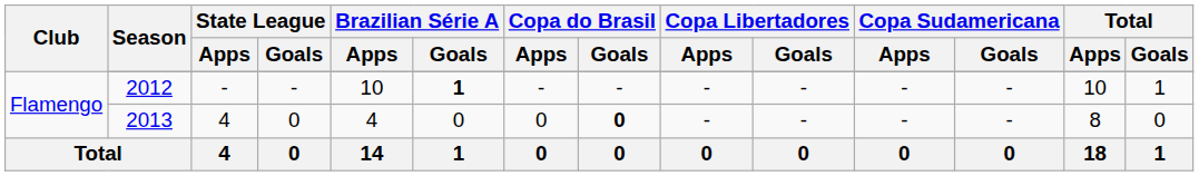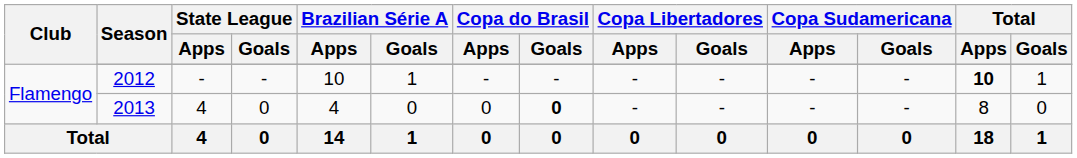 <table class="wikitable" style="text-align: center;">
 <tr>
 <th rowspan="2">Club</th>
 <th rowspan="2">Season</th>
 <th colspan="2">State League</th>
 <th colspan="2"><a href='#'>Brazilian Série A</a></th>
 <th colspan="2"><a href='#'>Copa do Brasil</a></th>
 <th colspan="2"><a href='#'>Copa Libertadores</a></th>
 <th colspan="2"><a href='#'>Copa Sudamericana</a></th>
 <th colspan="2">Total</th>
 </tr>
 <tr>
 <th>Apps</th>
 <th>Goals</th>
 <th>Apps</th>
 <th>Goals</th>
 <th>Apps</th>
 <th>Goals</th>
 <th>Apps</th>
 <th>Goals</th>
 <th>Apps</th>
 <th>Goals</th>
 <th>Apps</th>
 <th>Goals</th>
 </tr>
 <tr>
 <td rowspan="3" valign="center"><a href='#'>Flamengo</a></td>
 </tr>
 <tr>
 <td><a href='#'>2012</a></td>
 <td>-</td>
 <td>-</td>
 <td>10</td>
-<td><strong>1</strong></td>
+<td>1</td>
 <td>-</td>
 <td>-</td>
 <td>-</td>
 <td>-</td>
 <td>-</td>
 <td>-</td>
-<td>10</td>
+<td><strong>10</strong></td>
 <td>1</td>
 </tr>
 <tr>
 <td><a href='#'>2013</a></td>
 <td>4</td>
 <td>0</td>
 <td>4</td>
 <td>0</td>
 <td>0</td>
 <td><strong>0</strong></td>
 <td>-</td>
 <td>-</td>
 <td>-</td>
 <td>-</td>
 <td>8</td>
 <td>0</td>
 </tr>
 <tr>
 <th colspan="2"><strong>Total</strong></th>
 <th>4</th>
 <th>0</th>
 <th>14</th>
 <th>1</th>
 <th>0</th>
 <th>0</th>
 <th>0</th>
 <th>0</th>
 <th>0</th>
 <th>0</th>
 <th>18</th>
 <th>1</th>
 </tr>
 </table>
